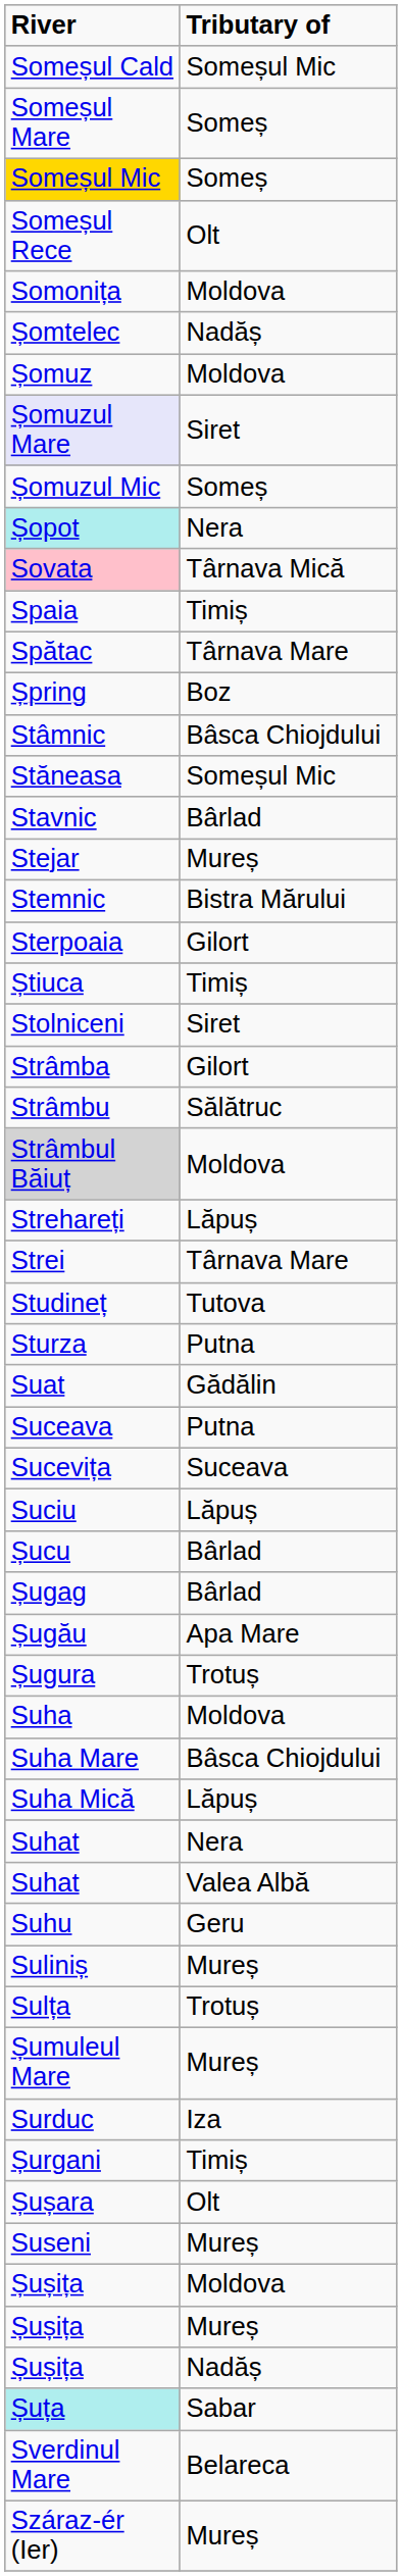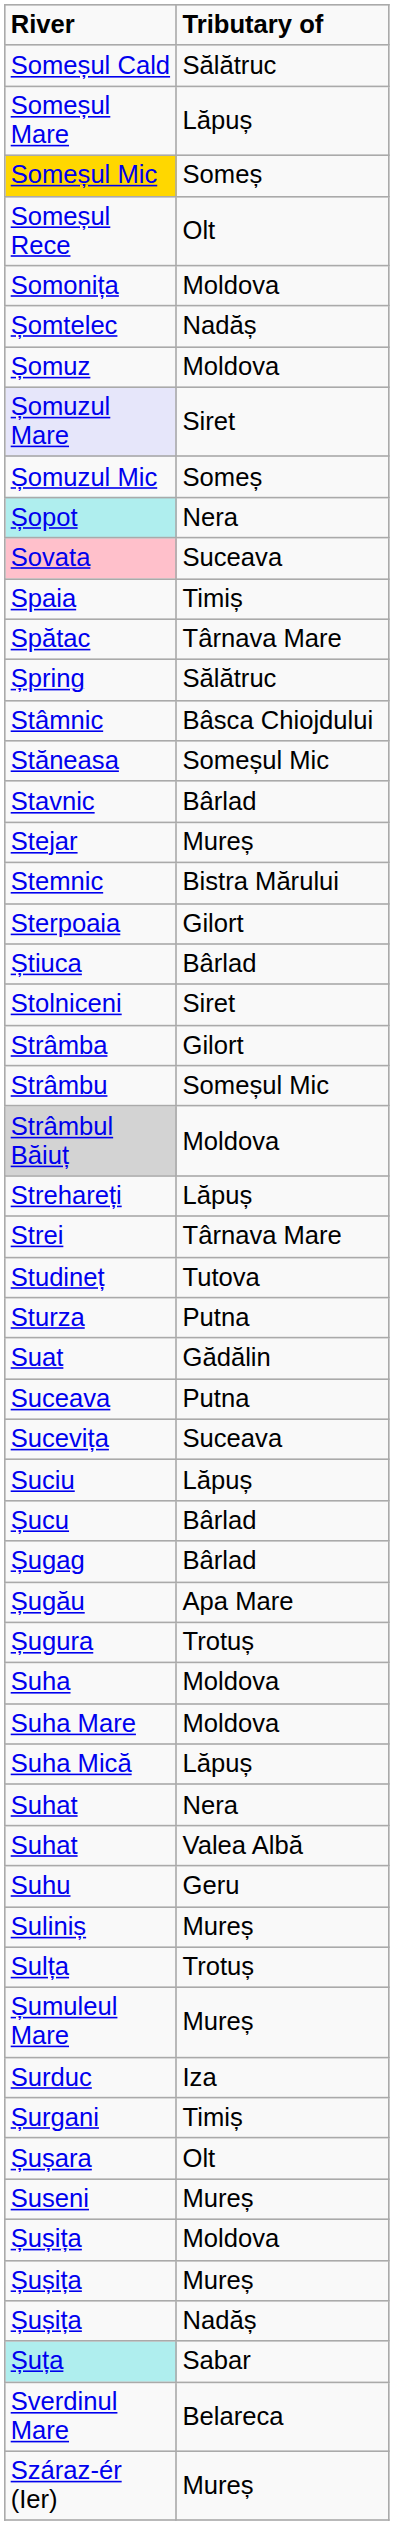 <table class="wikitable">
 <tr>
 <td width="100pt"><strong>River</strong></td>
 <td width="125pt"><strong>Tributary of</strong></td>
 </tr>
 <tr>
 <td><a href='#'>Someșul Cald</a></td>
-<td>Someșul Mic</td>
+<td>Sălătruc</td>
 </tr>
 <tr>
 <td><a href='#'>Someșul Mare</a></td>
-<td>Someș</td>
+<td>Lăpuș</td>
 </tr>
 <tr>
 <td style="background: gold;"><a href='#'>Someșul Mic</a></td>
 <td>Someș</td>
 </tr>
 <tr>
 <td><a href='#'>Someșul Rece</a></td>
 <td>Olt</td>
 </tr>
 <tr>
 <td><a href='#'>Somonița</a></td>
 <td>Moldova</td>
 </tr>
 <tr>
 <td><a href='#'>Șomtelec</a></td>
 <td>Nadăș</td>
 </tr>
 <tr>
 <td><a href='#'>Șomuz</a></td>
 <td>Moldova</td>
 </tr>
 <tr>
 <td style="background: lavender;"><a href='#'>Șomuzul Mare</a></td>
 <td>Siret</td>
 </tr>
 <tr>
 <td><a href='#'>Șomuzul Mic</a></td>
 <td>Someș</td>
 </tr>
 <tr>
 <td style="background: paleturquoise;"><a href='#'>Șopot</a></td>
 <td>Nera</td>
 </tr>
 <tr>
 <td style="background: pink;"><a href='#'>Sovata</a></td>
-<td>Târnava Mică</td>
+<td>Suceava</td>
 </tr>
 <tr>
 <td><a href='#'>Spaia</a></td>
 <td>Timiș</td>
 </tr>
 <tr>
 <td><a href='#'>Spătac</a></td>
 <td>Târnava Mare</td>
 </tr>
 <tr>
 <td><a href='#'>Șpring</a></td>
-<td>Boz</td>
+<td>Sălătruc</td>
 </tr>
 <tr>
 <td><a href='#'>Stâmnic</a></td>
 <td>Bâsca Chiojdului</td>
 </tr>
 <tr>
 <td><a href='#'>Stăneasa</a></td>
 <td>Someșul Mic</td>
 </tr>
 <tr>
 <td><a href='#'>Stavnic</a></td>
 <td>Bârlad</td>
 </tr>
 <tr>
 <td><a href='#'>Stejar</a></td>
 <td>Mureș</td>
 </tr>
 <tr>
 <td><a href='#'>Stemnic</a></td>
 <td>Bistra Mărului</td>
 </tr>
 <tr>
 <td><a href='#'>Sterpoaia</a></td>
 <td>Gilort</td>
 </tr>
 <tr>
 <td><a href='#'>Știuca</a></td>
-<td>Timiș</td>
+<td>Bârlad</td>
 </tr>
 <tr>
 <td><a href='#'>Stolniceni</a></td>
 <td>Siret</td>
 </tr>
 <tr>
 <td><a href='#'>Strâmba</a></td>
 <td>Gilort</td>
 </tr>
 <tr>
 <td><a href='#'>Strâmbu</a></td>
-<td>Sălătruc</td>
+<td>Someșul Mic</td>
 </tr>
 <tr>
 <td style="background: lightgrey;"><a href='#'>Strâmbul Băiuț</a></td>
 <td>Moldova</td>
 </tr>
 <tr>
 <td><a href='#'>Strehareți</a></td>
 <td>Lăpuș</td>
 </tr>
 <tr>
 <td><a href='#'>Strei</a></td>
 <td>Târnava Mare</td>
 </tr>
 <tr>
 <td><a href='#'>Studineț</a></td>
 <td>Tutova</td>
 </tr>
 <tr>
 <td><a href='#'>Sturza</a></td>
 <td>Putna</td>
 </tr>
 <tr>
 <td><a href='#'>Suat</a></td>
 <td>Gădălin</td>
 </tr>
 <tr>
 <td><a href='#'>Suceava</a></td>
 <td>Putna</td>
 </tr>
 <tr>
 <td><a href='#'>Sucevița</a></td>
 <td>Suceava</td>
 </tr>
 <tr>
 <td><a href='#'>Suciu</a></td>
 <td>Lăpuș</td>
 </tr>
 <tr>
 <td><a href='#'>Șucu</a></td>
 <td>Bârlad</td>
 </tr>
 <tr>
 <td><a href='#'>Șugag</a></td>
 <td>Bârlad</td>
 </tr>
 <tr>
 <td><a href='#'>Șugău</a></td>
 <td>Apa Mare</td>
 </tr>
 <tr>
 <td><a href='#'>Șugura</a></td>
 <td>Trotuș</td>
 </tr>
 <tr>
 <td><a href='#'>Suha</a></td>
 <td>Moldova</td>
 </tr>
 <tr>
 <td><a href='#'>Suha Mare</a></td>
-<td>Bâsca Chiojdului</td>
+<td>Moldova</td>
 </tr>
 <tr>
 <td><a href='#'>Suha Mică</a></td>
 <td>Lăpuș</td>
 </tr>
 <tr>
 <td><a href='#'>Suhat</a></td>
 <td>Nera</td>
 </tr>
 <tr>
 <td><a href='#'>Suhat</a></td>
 <td>Valea Albă</td>
 </tr>
 <tr>
 <td><a href='#'>Suhu</a></td>
 <td>Geru</td>
 </tr>
 <tr>
 <td><a href='#'>Suliniș</a></td>
 <td>Mureș</td>
 </tr>
 <tr>
 <td><a href='#'>Sulța</a></td>
 <td>Trotuș</td>
 </tr>
 <tr>
 <td><a href='#'>Șumuleul Mare</a></td>
 <td>Mureș</td>
 </tr>
 <tr>
 <td><a href='#'>Surduc</a></td>
 <td>Iza</td>
 </tr>
 <tr>
 <td><a href='#'>Șurgani</a></td>
 <td>Timiș</td>
 </tr>
 <tr>
 <td><a href='#'>Șușara</a></td>
 <td>Olt</td>
 </tr>
 <tr>
 <td><a href='#'>Suseni</a></td>
 <td>Mureș</td>
 </tr>
 <tr>
 <td><a href='#'>Șușița</a></td>
 <td>Moldova</td>
 </tr>
 <tr>
 <td><a href='#'>Șușița</a></td>
 <td>Mureș</td>
 </tr>
 <tr>
 <td><a href='#'>Șușița</a></td>
 <td>Nadăș</td>
 </tr>
 <tr>
 <td style="background: paleturquoise;"><a href='#'>Șuța</a></td>
 <td>Sabar</td>
 </tr>
 <tr>
 <td><a href='#'>Sverdinul Mare</a></td>
 <td>Belareca</td>
 </tr>
 <tr>
 <td><a href='#'>Száraz-ér</a> (Ier)</td>
 <td>Mureș</td>
 </tr>
 </table>
